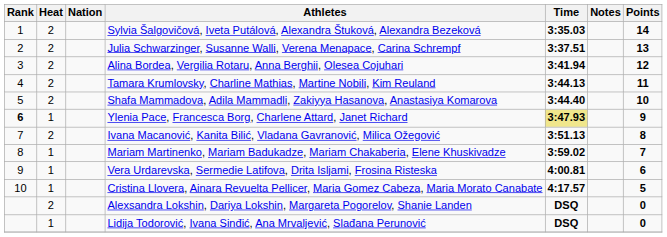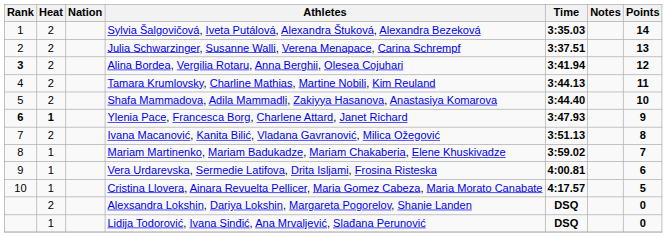 <table class="wikitable sortable" style="text-align:center">
 <tr>
 <th>Rank</th>
 <th>Heat</th>
 <th>Nation</th>
 <th>Athletes</th>
 <th>Time</th>
 <th>Notes</th>
 <th>Points</th>
 </tr>
 <tr>
 <td>1</td>
 <td>2</td>
 <td align=left></td>
 <td align=left><a href='#'>Sylvia Šalgovičová</a>, <a href='#'>Iveta Putálová</a>, <a href='#'>Alexandra Štuková</a>, <a href='#'>Alexandra Bezeková</a></td>
 <td><strong>3:35.03</strong></td>
 <td></td>
 <td><strong>14</strong></td>
 </tr>
 <tr>
 <td>2</td>
 <td>2</td>
 <td align=left></td>
 <td align=left><a href='#'>Julia Schwarzinger</a>, <a href='#'>Susanne Walli</a>, <a href='#'>Verena Menapace</a>, <a href='#'>Carina Schrempf</a></td>
 <td><strong>3:37.51</strong></td>
 <td></td>
 <td><strong>13</strong></td>
 </tr>
 <tr>
-<td>3</td>
+<td><strong>3</strong></td>
 <td>2</td>
 <td align=left></td>
 <td align=left><a href='#'>Alina Bordea</a>, <a href='#'>Vergilia Rotaru</a>, <a href='#'>Anna Berghii</a>, <a href='#'>Olesea Cojuhari</a></td>
 <td><strong>3:41.94</strong></td>
 <td></td>
 <td><strong>12</strong></td>
 </tr>
 <tr>
 <td>4</td>
 <td>2</td>
 <td align=left></td>
 <td align=left><a href='#'>Tamara Krumlovsky</a>, <a href='#'>Charline Mathias</a>, <a href='#'>Martine Nobili</a>, <a href='#'>Kim Reuland</a></td>
 <td><strong>3:44.13</strong></td>
 <td></td>
 <td><strong>11</strong></td>
 </tr>
 <tr>
 <td>5</td>
 <td>2</td>
 <td align=left></td>
 <td align=left><a href='#'>Shafa Mammadova</a>, <a href='#'>Adila Mammadli</a>, <a href='#'>Zakiyya Hasanova</a>, <a href='#'>Anastasiya Komarova</a></td>
 <td><strong>3:44.40</strong></td>
 <td></td>
 <td><strong>10</strong></td>
 </tr>
 <tr>
 <td><strong>6</strong></td>
-<td>1</td>
+<td><strong>1</strong></td>
 <td align=left></td>
 <td align=left><a href='#'>Ylenia Pace</a>, <a href='#'>Francesca Borg</a>, <a href='#'>Charlene Attard</a>, <a href='#'>Janet Richard</a></td>
-<td style="background: khaki;"><strong>3:47.93</strong></td>
+<td><strong>3:47.93</strong></td>
 <td></td>
 <td><strong>9</strong></td>
 </tr>
 <tr>
 <td>7</td>
 <td>2</td>
 <td align=left></td>
 <td align=left><a href='#'>Ivana Macanović</a>, <a href='#'>Kanita Bilić</a>, <a href='#'>Vladana Gavranović</a>, <a href='#'>Milica Ožegović</a></td>
 <td><strong>3:51.13</strong></td>
 <td></td>
 <td><strong>8</strong></td>
 </tr>
 <tr>
 <td>8</td>
 <td>1</td>
 <td align=left></td>
 <td align=left><a href='#'>Mariam Martinenko</a>, <a href='#'>Mariam Badukadze</a>, <a href='#'>Mariam Chakaberia</a>, <a href='#'>Elene Khuskivadze</a></td>
 <td><strong>3:59.02</strong></td>
 <td></td>
 <td><strong>7</strong></td>
 </tr>
 <tr>
 <td>9</td>
 <td>1</td>
 <td align=left></td>
 <td align=left><a href='#'>Vera Urdarevska</a>, <a href='#'>Sermedie Latifova</a>, <a href='#'>Drita Isljami</a>, <a href='#'>Frosina Risteska</a></td>
 <td><strong>4:00.81</strong></td>
 <td></td>
 <td><strong>6</strong></td>
 </tr>
 <tr>
 <td>10</td>
 <td>1</td>
 <td align=left></td>
 <td align=left><a href='#'>Cristina Llovera</a>, <a href='#'>Ainara Revuelta Pellicer</a>, <a href='#'>Maria Gomez Cabeza</a>, <a href='#'>Maria Morato Canabate</a></td>
 <td><strong>4:17.57</strong></td>
 <td></td>
 <td><strong>5</strong></td>
 </tr>
 <tr>
 <td></td>
 <td>2</td>
 <td align=left></td>
 <td align=left><a href='#'>Alexsandra Lokshin</a>, <a href='#'>Dariya Lokshin</a>, <a href='#'>Margareta Pogorelov</a>, <a href='#'>Shanie Landen</a></td>
 <td><strong>DSQ </strong></td>
 <td></td>
 <td><strong>0</strong></td>
 </tr>
 <tr>
 <td></td>
 <td>1</td>
 <td align=left></td>
 <td align=left><a href='#'>Lidija Todorović</a>, <a href='#'>Ivana Sinđić</a>, <a href='#'>Ana Mrvaljević</a>, <a href='#'>Slađana Perunović</a></td>
 <td><strong>DSQ</strong></td>
 <td></td>
 <td><strong>0</strong></td>
 </tr>
 <tr>
 </tr>
 </table>
